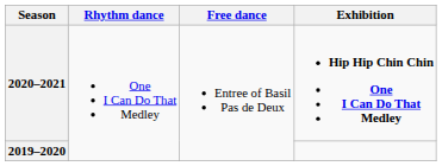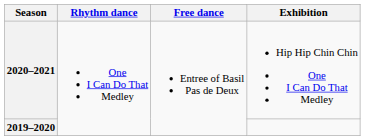 <table class=wikitable style=text-align:center>
 <tr>
 <th>Season</th>
 <th><a href='#'>Rhythm dance</a></th>
 <th><a href='#'>Free dance</a></th>
 <th>Exhibition</th>
 </tr>
 <tr>
 <th>2020–2021<br></th>
 <td rowspan=2><br><ul><li> <a href='#'>One</a></li><li> <a href='#'>I Can Do That</a></li><li> Medley<br></li></ul></td>
 <td rowspan=2><br><ul><li>Entree of Basil</li><li>Pas de Deux<br></li></ul></td>
-<td><strong><br><ul><li>Hip Hip Chin Chin</li></ul><ul><li> <a href='#'>One</a></li><li> <a href='#'>I Can Do That</a></li><li> Medley<br></li></ul></strong></td>
+<td><br><ul><li>Hip Hip Chin Chin</li></ul><ul><li> <a href='#'>One</a></li><li> <a href='#'>I Can Do That</a></li><li> Medley<br></li></ul></td>
 </tr>
 <tr>
 <th>2019–2020<br></th>
 <td></td>
 </tr>
 </table>
